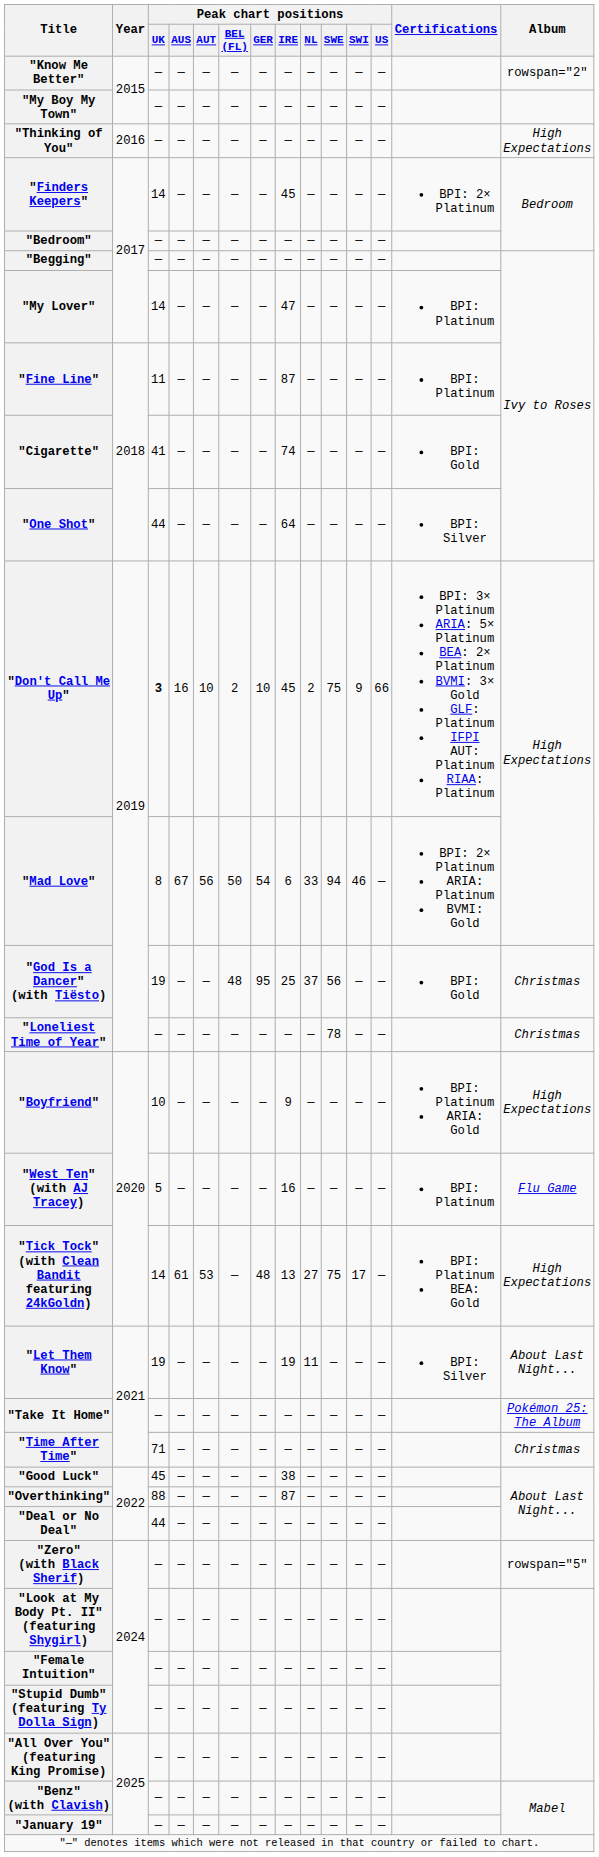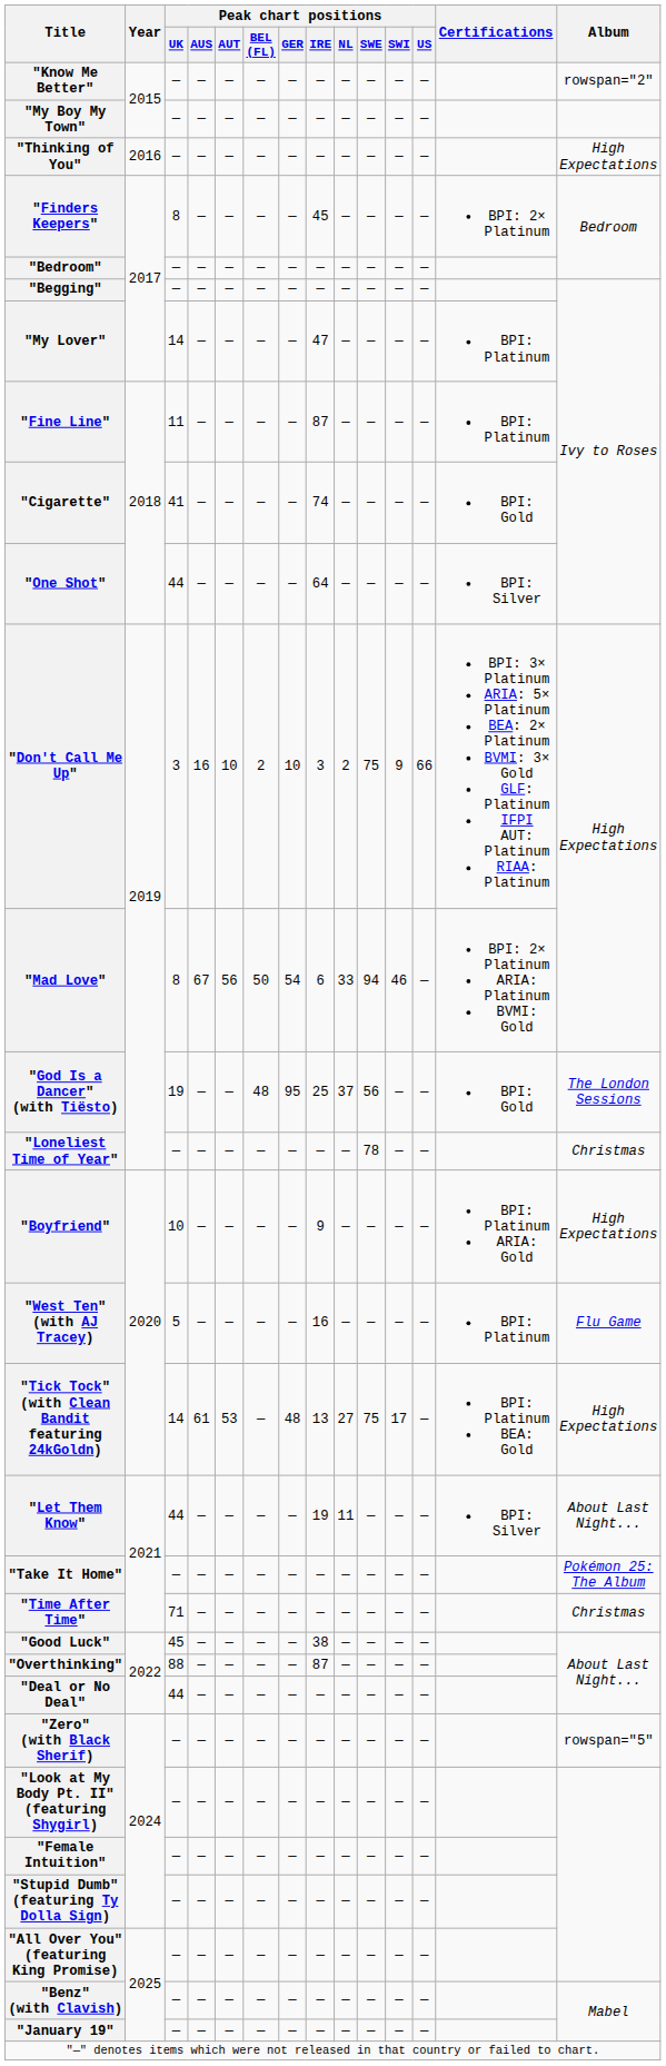 <table class="wikitable plainrowheaders" style="text-align:center;">
 <tr>
 <th scope="col" rowspan="2" style="width:16em;">Title</th>
 <th scope="col" rowspan="2" style="width:1em;">Year</th>
 <th scope="col" colspan="10">Peak chart positions</th>
 <th scope="col" rowspan="2" style="width:13em;"><a href='#'>Certifications</a></th>
 <th scope="col" rowspan="2">Album</th>
 </tr>
 <tr>
 <th scope="col" style="width:3em;font-size:90%;"><a href='#'>UK</a><br></th>
 <th scope="col" style="width:3em;font-size:90%;"><a href='#'>AUS</a><br></th>
 <th scope="col" style="width:3em;font-size:90%;"><a href='#'>AUT</a><br></th>
 <th scope="col" style="width:3em;font-size:90%;"><a href='#'>BEL<br>(FL)</a><br></th>
 <th scope="col" style="width:3em;font-size:90%;"><a href='#'>GER</a><br></th>
 <th scope="col" style="width:3em;font-size:90%;"><a href='#'>IRE</a><br></th>
 <th scope="col" style="width:3em;font-size:90%;"><a href='#'>NL</a><br></th>
 <th scope="col" style="width:3em;font-size:90%;"><a href='#'>SWE</a><br></th>
 <th scope="col" style="width:3em;font-size:90%;"><a href='#'>SWI</a><br></th>
 <th scope="col" style="width:3em;font-size:90%;"><a href='#'>US</a><br></th>
 </tr>
 <tr>
 <th scope="row">"Know Me Better"</th>
 <td rowspan="2">2015</td>
 <td>—</td>
 <td>—</td>
 <td>—</td>
 <td>—</td>
 <td>—</td>
 <td>—</td>
 <td>—</td>
 <td>—</td>
 <td>—</td>
 <td>—</td>
 <td></td>
 <td>rowspan="2" </td>
 </tr>
 <tr>
 <th scope="row">"My Boy My Town"</th>
 <td>—</td>
 <td>—</td>
 <td>—</td>
 <td>—</td>
 <td>—</td>
 <td>—</td>
 <td>—</td>
 <td>—</td>
 <td>—</td>
 <td>—</td>
 <td></td>
 </tr>
 <tr>
 <th rowspan="1" scope="row">"Thinking of You"</th>
 <td rowspan="1">2016</td>
 <td rowspan="1">—</td>
 <td rowspan="1">—</td>
 <td rowspan="1">—</td>
 <td rowspan="1">—</td>
 <td rowspan="1">—</td>
 <td rowspan="1">—</td>
 <td rowspan="1">—</td>
 <td rowspan="1">—</td>
 <td rowspan="1">—</td>
 <td rowspan="1">—</td>
 <td rowspan="1"></td>
 <td><em>High Expectations</em></td>
 </tr>
 <tr>
 <th scope="row">"<a href='#'>Finders Keepers</a>"<br></th>
 <td rowspan="4">2017</td>
-<td>14</td>
+<td>8</td>
 <td>—</td>
 <td>—</td>
 <td>—</td>
 <td>—</td>
 <td>45</td>
 <td>—</td>
 <td>—</td>
 <td>—</td>
 <td>—</td>
 <td><br><ul><li>BPI: 2× Platinum</li></ul></td>
 <td rowspan="2"><em>Bedroom</em></td>
 </tr>
 <tr>
 <th scope="row">"Bedroom"</th>
 <td>—</td>
 <td>—</td>
 <td>—</td>
 <td>—</td>
 <td>—</td>
 <td>—</td>
 <td>—</td>
 <td>—</td>
 <td>—</td>
 <td>—</td>
 <td></td>
 </tr>
 <tr>
 <th scope="row">"Begging"</th>
 <td>—</td>
 <td>—</td>
 <td>—</td>
 <td>—</td>
 <td>—</td>
 <td>—</td>
 <td>—</td>
 <td>—</td>
 <td>—</td>
 <td>—</td>
 <td></td>
 <td rowspan="5"><em>Ivy to Roses</em></td>
 </tr>
 <tr>
 <th scope="row">"My Lover" <br></th>
 <td>14</td>
 <td>—</td>
 <td>—</td>
 <td>—</td>
 <td>—</td>
 <td>47</td>
 <td>—</td>
 <td>—</td>
 <td>—</td>
 <td>—</td>
 <td><br><ul><li>BPI: Platinum</li></ul></td>
 </tr>
 <tr>
 <th scope="row">"<a href='#'>Fine Line</a>"<br></th>
 <td rowspan="3">2018</td>
 <td>11</td>
 <td>—</td>
 <td>—</td>
 <td>—</td>
 <td>—</td>
 <td>87</td>
 <td>—</td>
 <td>—</td>
 <td>—</td>
 <td>—</td>
 <td><br><ul><li>BPI: Platinum</li></ul></td>
 </tr>
 <tr>
 <th scope="row">"Cigarette"<br></th>
 <td>41</td>
 <td>—</td>
 <td>—</td>
 <td>—</td>
 <td>—</td>
 <td>74</td>
 <td>—</td>
 <td>—</td>
 <td>—</td>
 <td>—</td>
 <td><br><ul><li>BPI: Gold</li></ul></td>
 </tr>
 <tr>
 <th scope="row">"<a href='#'>One Shot</a>"</th>
 <td>44</td>
 <td>—</td>
 <td>—</td>
 <td>—</td>
 <td>—</td>
 <td>64</td>
 <td>—</td>
 <td>—</td>
 <td>—</td>
 <td>—</td>
 <td><br><ul><li>BPI: Silver</li></ul></td>
 </tr>
 <tr>
 <th scope="row">"<a href='#'>Don't Call Me Up</a>"</th>
 <td rowspan="4">2019</td>
-<td><strong>3</strong></td>
+<td>3</td>
 <td>16</td>
 <td>10</td>
 <td>2</td>
 <td>10</td>
-<td>45</td>
+<td>3</td>
 <td>2</td>
 <td>75</td>
 <td>9</td>
 <td>66</td>
 <td><br><ul><li>BPI: 3× Platinum</li><li><a href='#'>ARIA</a>: 5× Platinum</li><li><a href='#'>BEA</a>: 2× Platinum</li><li><a href='#'>BVMI</a>: 3× Gold</li><li><a href='#'>GLF</a>: Platinum</li><li><a href='#'>IFPI</a> AUT: Platinum</li><li><a href='#'>RIAA</a>: Platinum</li></ul></td>
 <td rowspan="2"><em>High Expectations</em></td>
 </tr>
 <tr>
 <th scope="row">"<a href='#'>Mad Love</a>"</th>
 <td>8</td>
 <td>67</td>
 <td>56</td>
 <td>50</td>
 <td>54</td>
 <td>6</td>
 <td>33</td>
 <td>94</td>
 <td>46</td>
 <td>—</td>
 <td><br><ul><li>BPI: 2× Platinum</li><li>ARIA: Platinum</li><li>BVMI: Gold</li></ul></td>
 </tr>
 <tr>
 <th scope="row">"<a href='#'>God Is a Dancer</a>"<br><span>(with <a href='#'>Tiësto</a>)</span></th>
 <td>19</td>
 <td>—</td>
 <td>—</td>
 <td>48</td>
 <td>95</td>
 <td>25</td>
 <td>37</td>
 <td>56</td>
 <td>—</td>
 <td>—</td>
 <td><br><ul><li>BPI: Gold</li></ul></td>
-<td><em>Christmas</em></td>
+<td><em><a href='#'>The London Sessions</a></em></td>
 </tr>
 <tr>
 <th scope="row">"<a href='#'>Loneliest Time of Year</a>"</th>
 <td>—</td>
 <td>—</td>
 <td>—</td>
 <td>—</td>
 <td>—</td>
 <td>—</td>
 <td>—</td>
 <td>78</td>
 <td>—</td>
 <td>—</td>
 <td></td>
 <td><em>Christmas</em></td>
 </tr>
 <tr>
 <th scope="row">"<a href='#'>Boyfriend</a>"</th>
 <td rowspan="3">2020</td>
 <td>10</td>
 <td>—</td>
 <td>—</td>
 <td>—</td>
 <td>—</td>
 <td>9</td>
 <td>—</td>
 <td>—</td>
 <td>—</td>
 <td>—</td>
 <td><br><ul><li>BPI: Platinum</li><li>ARIA: Gold</li></ul></td>
 <td><em>High Expectations</em></td>
 </tr>
 <tr>
 <th scope="row">"<a href='#'>West Ten</a>"<br><span>(with <a href='#'>AJ Tracey</a>)</span></th>
 <td>5</td>
 <td>—</td>
 <td>—</td>
 <td>—</td>
 <td>—</td>
 <td>16</td>
 <td>—</td>
 <td>—</td>
 <td>—</td>
 <td>—</td>
 <td><br><ul><li>BPI: Platinum</li></ul></td>
 <td><em><a href='#'>Flu Game</a></em></td>
 </tr>
 <tr>
 <th scope="row">"<a href='#'>Tick Tock</a>"<br><span>(with <a href='#'>Clean Bandit</a> featuring <a href='#'>24kGoldn</a>)</span></th>
 <td>14</td>
 <td>61</td>
 <td>53</td>
 <td>—</td>
 <td>48</td>
 <td>13</td>
 <td>27</td>
 <td>75</td>
 <td>17</td>
 <td>—</td>
 <td><br><ul><li>BPI: Platinum</li><li>BEA: Gold</li></ul></td>
 <td><em>High Expectations</em></td>
 </tr>
 <tr>
 <th scope="row">"<a href='#'>Let Them Know</a>"</th>
 <td rowspan="3">2021</td>
-<td>19</td>
+<td>44</td>
 <td>—</td>
 <td>—</td>
 <td>—</td>
 <td>—</td>
 <td>19</td>
 <td>11</td>
 <td>—</td>
 <td>—</td>
 <td>—</td>
 <td><br><ul><li>BPI: Silver</li></ul></td>
 <td><em>About Last Night...</em></td>
 </tr>
 <tr>
 <th scope="row">"Take It Home"</th>
 <td>—</td>
 <td>—</td>
 <td>—</td>
 <td>—</td>
 <td>—</td>
 <td>—</td>
 <td>—</td>
 <td>—</td>
 <td>—</td>
 <td>—</td>
 <td></td>
 <td scope="row"><em><a href='#'>Pokémon 25: The Album</a></em></td>
 </tr>
 <tr>
 <th scope="row">"<a href='#'>Time After Time</a>"</th>
 <td>71</td>
 <td>—</td>
 <td>—</td>
 <td>—</td>
 <td>—</td>
 <td>—</td>
 <td>—</td>
 <td>—</td>
 <td>—</td>
 <td>—</td>
 <td></td>
 <td><em>Christmas</em></td>
 </tr>
 <tr>
 <th scope="row">"Good Luck" <br></th>
 <td rowspan="3">2022</td>
 <td>45</td>
 <td>—</td>
 <td>—</td>
 <td>—</td>
 <td>—</td>
 <td>38</td>
 <td>—</td>
 <td>—</td>
 <td>—</td>
 <td>—</td>
 <td></td>
 <td rowspan="3"><em>About Last Night...</em></td>
 </tr>
 <tr>
 <th scope="row">"Overthinking" <br></th>
 <td>88</td>
 <td>—</td>
 <td>—</td>
 <td>—</td>
 <td>—</td>
 <td>87</td>
 <td>—</td>
 <td>—</td>
 <td>—</td>
 <td>—</td>
 <td></td>
 </tr>
 <tr>
 <th scope="row">"Deal or No Deal"<br></th>
 <td>44</td>
 <td>—</td>
 <td>—</td>
 <td>—</td>
 <td>—</td>
 <td>—</td>
 <td>—</td>
 <td>—</td>
 <td>—</td>
 <td>—</td>
 <td></td>
 </tr>
 <tr>
 <th scope="row">"Zero"<br><span>(with <a href='#'>Black Sherif</a>)</span></th>
 <td rowspan="4">2024</td>
 <td>—</td>
 <td>—</td>
 <td>—</td>
 <td>—</td>
 <td>—</td>
 <td>—</td>
 <td>—</td>
 <td>—</td>
 <td>—</td>
 <td>—</td>
 <td></td>
 <td>rowspan="5" </td>
 </tr>
 <tr>
 <th scope="row">"Look at My Body Pt. II"<br><span>(featuring <a href='#'>Shygirl</a>)</span></th>
 <td>—</td>
 <td>—</td>
 <td>—</td>
 <td>—</td>
 <td>—</td>
 <td>—</td>
 <td>—</td>
 <td>—</td>
 <td>—</td>
 <td>—</td>
 <td></td>
 </tr>
 <tr>
 <th scope="row">"Female Intuition"</th>
 <td>—</td>
 <td>—</td>
 <td>—</td>
 <td>—</td>
 <td>—</td>
 <td>—</td>
 <td>—</td>
 <td>—</td>
 <td>—</td>
 <td>—</td>
 <td></td>
 </tr>
 <tr>
 <th scope="row">"Stupid Dumb"<br><span>(featuring <a href='#'>Ty Dolla Sign</a>)</span></th>
 <td>—</td>
 <td>—</td>
 <td>—</td>
 <td>—</td>
 <td>—</td>
 <td>—</td>
 <td>—</td>
 <td>—</td>
 <td>—</td>
 <td>—</td>
 <td></td>
 </tr>
 <tr>
 <th scope="row">"All Over You"<br><span>(featuring King Promise)</span></th>
 <td rowspan="3">2025</td>
 <td>—</td>
 <td>—</td>
 <td>—</td>
 <td>—</td>
 <td>—</td>
 <td>—</td>
 <td>—</td>
 <td>—</td>
 <td>—</td>
 <td>—</td>
 <td></td>
 </tr>
 <tr>
 <th scope="row">"Benz"<br><span>(with <a href='#'>Clavish</a>)</span></th>
 <td>—</td>
 <td>—</td>
 <td>—</td>
 <td>—</td>
 <td>—</td>
 <td>—</td>
 <td>—</td>
 <td>—</td>
 <td>—</td>
 <td>—</td>
 <td></td>
 <td rowspan="2"><em>Mabel</em></td>
 </tr>
 <tr>
 <th scope="row">"January 19"</th>
 <td>—</td>
 <td>—</td>
 <td>—</td>
 <td>—</td>
 <td>—</td>
 <td>—</td>
 <td>—</td>
 <td>—</td>
 <td>—</td>
 <td>—</td>
 <td></td>
 </tr>
 <tr>
 <td colspan="14" style="font-size:85%;">"—" denotes items which were not released in that country or failed to chart.</td>
 </tr>
 </table>
